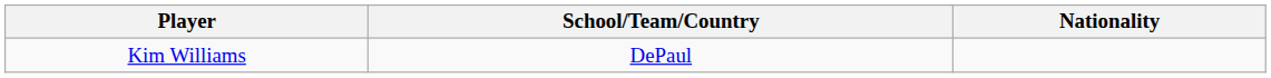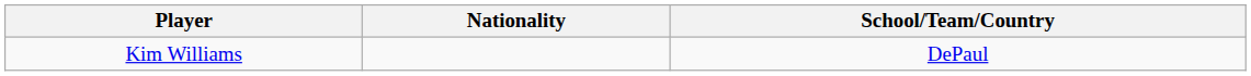 <table class="wikitable" style="text-align:center; width:60em">
 <tr>
 <th>Player</th>
+<th>Nationality</th>
 <th>School/Team/Country</th>
-<th>Nationality</th>
 </tr>
 <tr>
 <td><a href='#'>Kim Williams</a></td>
+<td></td>
 <td><a href='#'>DePaul</a></td>
-<td></td>
 </tr>
 </table>
